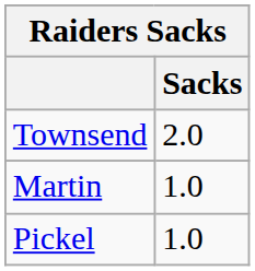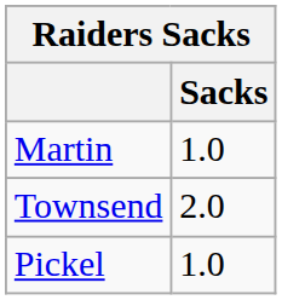 <table class="wikitable">
 <tr>
 <th colspan="2">Raiders Sacks</th>
 </tr>
 <tr>
 <th></th>
 <th>Sacks</th>
 </tr>
 <tr>
+<td><a href='#'>Martin</a></td>
+<td>1.0</td>
+</tr>
+<tr>
 <td><a href='#'>Townsend</a></td>
 <td>2.0</td>
-</tr>
-<tr>
-<td><a href='#'>Martin</a></td>
-<td>1.0</td>
 </tr>
 <tr>
 <td><a href='#'>Pickel</a></td>
 <td>1.0</td>
 </tr>
 </table>
